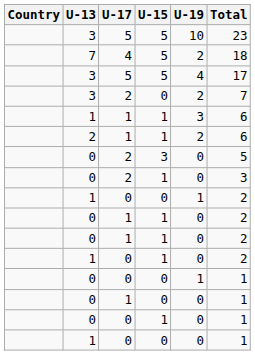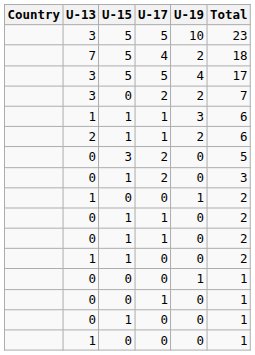 <table class="sortable wikitable">
 <tr>
 <th>Country</th>
 <th>U-13</th>
+<th>U-15</th>
 <th>U-17</th>
-<th>U-15</th>
 <th>U-19</th>
 <th>Total</th>
 </tr>
 <tr>
 <td></td>
 <td align="right">3</td>
 <td align="right">5</td>
 <td align="right">5</td>
 <td align="right">10</td>
 <td align="right">23</td>
 </tr>
 <tr>
 <td></td>
 <td align="right">7</td>
+<td align="right">5</td>
 <td align="right">4</td>
-<td align="right">5</td>
 <td align="right">2</td>
 <td align="right">18</td>
 </tr>
 <tr>
 <td></td>
 <td align="right">3</td>
 <td align="right">5</td>
 <td align="right">5</td>
 <td align="right">4</td>
 <td align="right">17</td>
 </tr>
 <tr>
 <td></td>
 <td align="right">3</td>
+<td align="right">0</td>
 <td align="right">2</td>
-<td align="right">0</td>
 <td align="right">2</td>
 <td align="right">7</td>
 </tr>
 <tr>
 <td></td>
 <td align="right">1</td>
 <td align="right">1</td>
 <td align="right">1</td>
 <td align="right">3</td>
 <td align="right">6</td>
 </tr>
 <tr>
 <td></td>
 <td align="right">2</td>
 <td align="right">1</td>
 <td align="right">1</td>
 <td align="right">2</td>
 <td align="right">6</td>
 </tr>
 <tr>
 <td></td>
 <td align="right">0</td>
+<td align="right">3</td>
 <td align="right">2</td>
-<td align="right">3</td>
 <td align="right">0</td>
 <td align="right">5</td>
 </tr>
 <tr>
 <td></td>
 <td align="right">0</td>
+<td align="right">1</td>
 <td align="right">2</td>
-<td align="right">1</td>
 <td align="right">0</td>
 <td align="right">3</td>
 </tr>
 <tr>
 <td></td>
 <td align="right">1</td>
 <td align="right">0</td>
 <td align="right">0</td>
 <td align="right">1</td>
 <td align="right">2</td>
 </tr>
 <tr>
 <td></td>
 <td align="right">0</td>
 <td align="right">1</td>
 <td align="right">1</td>
 <td align="right">0</td>
 <td align="right">2</td>
 </tr>
 <tr>
 <td></td>
 <td align="right">0</td>
 <td align="right">1</td>
 <td align="right">1</td>
 <td align="right">0</td>
 <td align="right">2</td>
 </tr>
 <tr>
 <td></td>
 <td align="right">1</td>
+<td align="right">1</td>
 <td align="right">0</td>
-<td align="right">1</td>
 <td align="right">0</td>
 <td align="right">2</td>
 </tr>
 <tr>
 <td></td>
 <td align="right">0</td>
 <td align="right">0</td>
 <td align="right">0</td>
 <td align="right">1</td>
 <td align="right">1</td>
 </tr>
 <tr>
 <td></td>
 <td align="right">0</td>
+<td align="right">0</td>
 <td align="right">1</td>
-<td align="right">0</td>
 <td align="right">0</td>
 <td align="right">1</td>
 </tr>
 <tr>
 <td></td>
 <td align="right">0</td>
+<td align="right">1</td>
 <td align="right">0</td>
-<td align="right">1</td>
 <td align="right">0</td>
 <td align="right">1</td>
 </tr>
 <tr>
 <td></td>
 <td align="right">1</td>
 <td align="right">0</td>
 <td align="right">0</td>
 <td align="right">0</td>
 <td align="right">1</td>
 </tr>
 </table>
